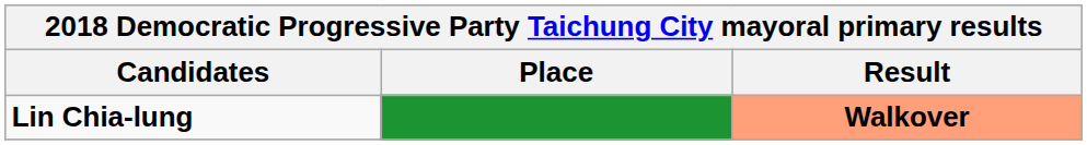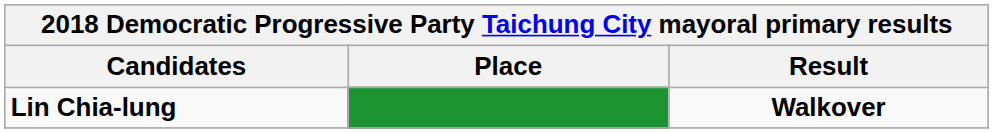 <table class="wikitable collapsible">
 <tr>
 <th colspan="5" width=600>2018 Democratic Progressive Party <a href='#'>Taichung City</a> mayoral primary results</th>
 </tr>
 <tr>
 <th width=80>Candidates</th>
 <th width=80>Place</th>
 <th width=80>Result</th>
 </tr>
 <tr>
 <td><strong>Lin Chia-lung</strong></td>
 <td style="background: #1B9431; text-align:center"><strong></strong></td>
-<td style="background: lightsalmon; text-align:center"><strong>Walkover</strong></td>
+<td style="text-align:center"><strong>Walkover</strong></td>
 </tr>
 </table>
